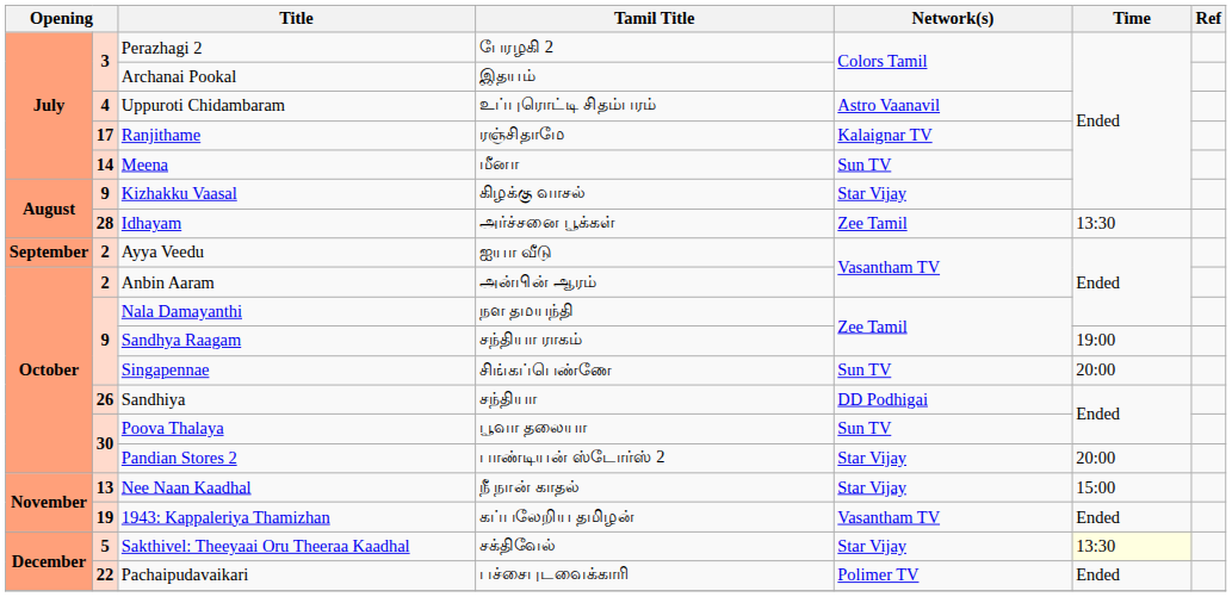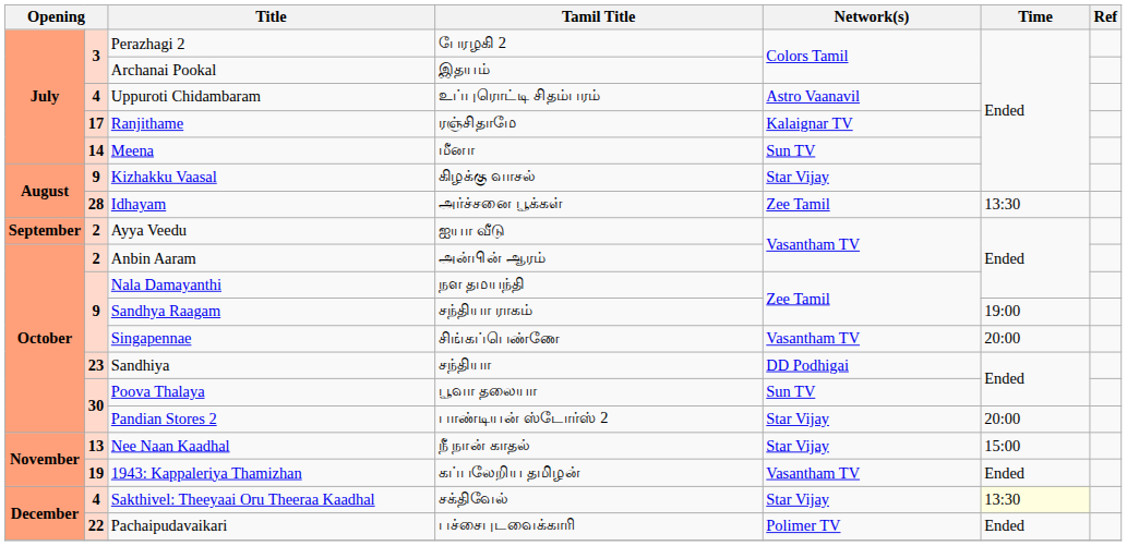 <table class="wikitable" width="90%">
 <tr>
 <th colspan="2">Opening</th>
 <th style="width:30%;">Title</th>
 <th style="width:30%;">Tamil Title</th>
 <th style="width:20%;">Network(s)</th>
 <th style="width:10%;">Time</th>
 <th>Ref</th>
 </tr>
 <tr>
 <td rowspan="5" style="text-align:center;background:#ffa07a;textcolor:#000;"><strong>July</strong></td>
 <td rowspan="2" style="text-align:center; background:#ffdacc;"><strong>3</strong></td>
 <td>Perazhagi 2</td>
 <td>பேரழகி 2</td>
 <td rowspan="2"><a href='#'>Colors Tamil</a></td>
 <td rowspan="6">Ended</td>
 <td></td>
 </tr>
 <tr>
 <td>Archanai Pookal</td>
 <td>இதயம்</td>
 <td></td>
 </tr>
 <tr>
 <td style="text-align:center; background:#ffdacc;"><strong>4</strong></td>
 <td>Uppuroti Chidambaram</td>
 <td>உப்புரொட்டி சிதம்பரம்</td>
 <td><a href='#'>Astro Vaanavil</a></td>
 <td></td>
 </tr>
 <tr>
 <td style="text-align:center; background:#ffdacc;"><strong>17</strong></td>
 <td><a href='#'>Ranjithame</a></td>
 <td>ரஞ்சிதாமே</td>
 <td><a href='#'>Kalaignar TV</a></td>
 <td></td>
 </tr>
 <tr>
 <td style="text-align:center; background:#ffdacc;"><strong>14</strong></td>
 <td><a href='#'>Meena</a></td>
 <td>மீனா</td>
 <td><a href='#'>Sun TV</a></td>
 <td></td>
 </tr>
 <tr>
 <td rowspan="2" style="text-align:center;background:#ffa07a;textcolor:#000;"><strong>August</strong></td>
 <td rowspan="1" style="text-align:center; background:#ffdacc;"><strong>9</strong></td>
 <td><a href='#'>Kizhakku Vaasal</a></td>
 <td>கிழக்கு வாசல்</td>
 <td><a href='#'>Star Vijay</a></td>
 <td></td>
 </tr>
 <tr>
 <td rowspan="1" style="text-align:center; background:#ffdacc;"><strong>28</strong></td>
 <td><a href='#'>Idhayam</a></td>
 <td>அர்ச்சனை பூக்கள்</td>
 <td><a href='#'>Zee Tamil</a></td>
 <td>13:30</td>
 <td></td>
 </tr>
 <tr>
 <td rowspan="1" style="text-align:center;background:#ffa07a;textcolor:#000;"><strong>September</strong></td>
 <td rowspan="1" style="text-align:center; background:#ffdacc;"><strong>2</strong></td>
 <td>Ayya Veedu</td>
 <td>ஐயா வீடு</td>
 <td rowspan="2"><a href='#'>Vasantham TV</a></td>
 <td rowspan="3">Ended</td>
 <td></td>
 </tr>
 <tr>
 <td rowspan="7" style="text-align:center;background:#ffa07a;textcolor:#000;"><strong>October</strong></td>
 <td rowspan="1" style="text-align:center; background:#ffdacc;"><strong>2</strong></td>
 <td>Anbin Aaram</td>
 <td>அன்பின் ஆரம்</td>
 <td></td>
 </tr>
 <tr>
 <td rowspan="3" style="text-align:center; background:#ffdacc;"><strong>9</strong></td>
 <td><a href='#'>Nala Damayanthi</a></td>
 <td>நள தமயந்தி</td>
 <td rowspan="2"><a href='#'>Zee Tamil</a></td>
 <td></td>
 </tr>
 <tr>
 <td><a href='#'>Sandhya Raagam</a></td>
 <td>சந்தியா ராகம்</td>
 <td>19:00</td>
 <td></td>
 </tr>
 <tr>
 <td><a href='#'>Singapennae</a></td>
 <td>சிங்கப்பெண்ணே</td>
-<td><a href='#'>Sun TV</a></td>
+<td><a href='#'>Vasantham TV</a></td>
 <td>20:00</td>
 <td></td>
 </tr>
 <tr>
-<td rowspan="1" style="text-align:center; background:#ffdacc;"><strong>26</strong></td>
+<td rowspan="1" style="text-align:center; background:#ffdacc;"><strong>23</strong></td>
 <td>Sandhiya</td>
 <td>சந்தியா</td>
 <td><a href='#'>DD Podhigai</a></td>
 <td rowspan="2">Ended</td>
 <td></td>
 </tr>
 <tr>
 <td rowspan="2" style="text-align:center; background:#ffdacc;"><strong>30</strong></td>
 <td><a href='#'>Poova Thalaya</a></td>
 <td>பூவா தலையா</td>
 <td><a href='#'>Sun TV</a></td>
 <td></td>
 </tr>
 <tr>
 <td><a href='#'>Pandian Stores 2</a></td>
 <td>பாண்டியன் ஸ்டோர்ஸ் 2</td>
 <td><a href='#'>Star Vijay</a></td>
 <td>20:00</td>
 <td></td>
 </tr>
 <tr>
 <td rowspan="2" style="text-align:center;background:#ffa07a;textcolor:#000;"><strong>November</strong></td>
 <td style="text-align:center; background:#ffdacc;"><strong>13</strong></td>
 <td><a href='#'>Nee Naan Kaadhal</a></td>
 <td>நீ நான் காதல்</td>
 <td><a href='#'>Star Vijay</a></td>
 <td>15:00</td>
 <td></td>
 </tr>
 <tr>
 <td style="text-align:center; background:#ffdacc;"><strong>19</strong></td>
 <td><a href='#'>1943: Kappaleriya Thamizhan</a></td>
 <td>கப்பலேறிய தமிழன்</td>
 <td><a href='#'>Vasantham TV</a></td>
 <td>Ended</td>
 <td></td>
 </tr>
 <tr>
 <td rowspan="2" style="text-align:center;background:#ffa07a;textcolor:#000;"><strong>December</strong></td>
-<td rowspan="1" style="text-align:center; background:#ffdacc;"><strong>5</strong></td>
+<td rowspan="1" style="text-align:center; background:#ffdacc;"><strong>4</strong></td>
 <td><a href='#'>Sakthivel: Theeyaai Oru Theeraa Kaadhal</a></td>
 <td>சக்திவேல்</td>
 <td><a href='#'>Star Vijay</a></td>
 <td style="background: lightyellow;">13:30</td>
 <td></td>
 </tr>
 <tr>
 <td rowspan="1" style="text-align:center; background:#ffdacc;"><strong>22</strong></td>
 <td>Pachaipudavaikari</td>
 <td>பச்சைபுடவைக்காரி</td>
 <td><a href='#'>Polimer TV</a></td>
 <td>Ended</td>
 <td></td>
 </tr>
 <tr>
 </tr>
 </table>
